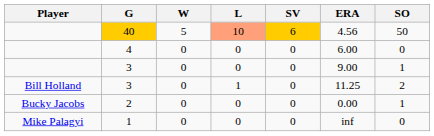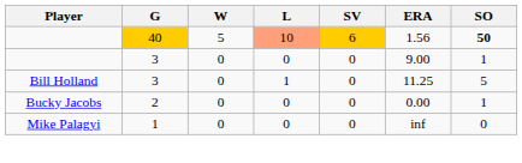 <table class="wikitable sortable">
 <tr>
 <th bgcolor="#DDDDFF" width="16%">Player</th>
 <th bgcolor="#DDDDFF" width="9%">G</th>
 <th bgcolor="#DDDDFF" width="9%">W</th>
 <th bgcolor="#DDDDFF" width="9%">L</th>
 <th bgcolor="#DDDDFF" width="9%">SV</th>
 <th bgcolor="#DDDDFF" width="9%">ERA</th>
 <th bgcolor="#DDDDFF" width="9%">SO</th>
 </tr>
 <tr align="center">
 <td></td>
 <td style="background:#fc0;">40</td>
 <td>5</td>
 <td style="background: lightsalmon;">10</td>
 <td style="background:#fc0;">6</td>
-<td>4.56</td>
-<td>50</td>
-</tr>
-<tr align="center">
-<td></td>
-<td>4</td>
-<td>0</td>
-<td>0</td>
-<td>0</td>
-<td>6.00</td>
-<td>0</td>
+<td>1.56</td>
+<td><strong>50</strong></td>
 </tr>
 <tr align="center">
 <td></td>
 <td>3</td>
 <td>0</td>
 <td>0</td>
 <td>0</td>
 <td>9.00</td>
 <td>1</td>
 </tr>
 <tr align="center">
 <td><a href='#'>Bill Holland</a></td>
 <td>3</td>
 <td>0</td>
 <td>1</td>
 <td>0</td>
 <td>11.25</td>
-<td>2</td>
+<td>5</td>
 </tr>
 <tr align="center">
 <td><a href='#'>Bucky Jacobs</a></td>
 <td>2</td>
 <td>0</td>
 <td>0</td>
 <td>0</td>
 <td>0.00</td>
 <td>1</td>
 </tr>
 <tr align="center">
 <td><a href='#'>Mike Palagyi</a></td>
 <td>1</td>
 <td>0</td>
 <td>0</td>
 <td>0</td>
 <td>inf</td>
 <td>0</td>
 </tr>
 </table>
